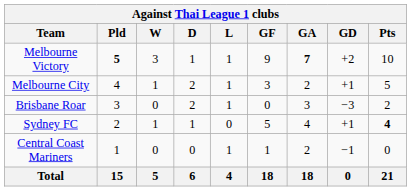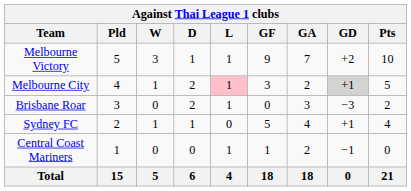 <table width=60% class="wikitable" style="text-align:center">
 <tr>
 <th colspan=9>Against <a href='#'>Thai League 1</a> clubs</th>
 </tr>
 <tr>
 <th width=10%>Team</th>
 <th width=5%>Pld</th>
 <th width=5%>W</th>
 <th width=5%>D</th>
 <th width=5%>L</th>
 <th width=5%>GF</th>
 <th width=5%>GA</th>
 <th width=5%>GD</th>
 <th width=5%>Pts</th>
 </tr>
 <tr>
 <td align=center><a href='#'>Melbourne Victory</a></td>
-<td><strong>5</strong></td>
+<td>5</td>
 <td>3</td>
 <td>1</td>
 <td>1</td>
 <td>9</td>
-<td><strong>7</strong></td>
+<td>7</td>
 <td>+2</td>
 <td>10</td>
 </tr>
 <tr>
 <td align=center><a href='#'>Melbourne City</a></td>
 <td>4</td>
 <td>1</td>
 <td>2</td>
-<td>1</td>
+<td style="background: pink;">1</td>
 <td>3</td>
 <td>2</td>
-<td>+1</td>
+<td style="background: lightgrey;">+1</td>
 <td>5</td>
 </tr>
 <tr>
 <td align=center><a href='#'>Brisbane Roar</a></td>
 <td>3</td>
 <td>0</td>
 <td>2</td>
 <td>1</td>
 <td>0</td>
 <td>3</td>
 <td>−3</td>
 <td>2</td>
 </tr>
 <tr>
 <td align=center><a href='#'>Sydney FC</a></td>
 <td>2</td>
 <td>1</td>
 <td>1</td>
 <td>0</td>
 <td>5</td>
 <td>4</td>
 <td>+1</td>
-<td><strong>4</strong></td>
+<td>4</td>
 </tr>
 <tr>
 <td align=center><a href='#'>Central Coast Mariners</a></td>
 <td>1</td>
 <td>0</td>
 <td>0</td>
 <td>1</td>
 <td>1</td>
 <td>2</td>
 <td>−1</td>
 <td>0</td>
 </tr>
 <tr>
 <th>Total</th>
 <th>15</th>
 <th>5</th>
 <th>6</th>
 <th>4</th>
 <th>18</th>
 <th>18</th>
 <th>0</th>
 <th>21</th>
 </tr>
 </table>
